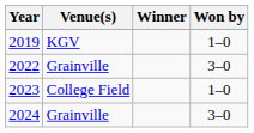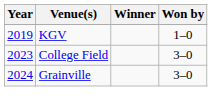 <table class="wikitable">
 <tr>
 <th>Year</th>
 <th>Venue(s)</th>
 <th>Winner</th>
 <th>Won by</th>
 </tr>
 <tr align="center" style="background:#ddeeff">
 </tr>
 <tr align="center">
 <td><a href='#'>2019</a></td>
 <td align=left> <a href='#'>KGV</a></td>
 <td></td>
 <td>1–0</td>
 </tr>
 <tr align="center">
-<td><a href='#'>2022</a></td>
-<td align=left> <a href='#'>Grainville</a></td>
-<td></td>
-<td>3–0</td>
-</tr>
-<tr align="center">
 <td><a href='#'>2023</a></td>
 <td align=left> <a href='#'>College Field</a></td>
 <td></td>
-<td>1–0</td>
+<td>3–0</td>
 </tr>
 <tr align="center">
 <td><a href='#'>2024</a></td>
 <td align=left> <a href='#'>Grainville</a></td>
 <td></td>
 <td>3–0</td>
 </tr>
 </table>
